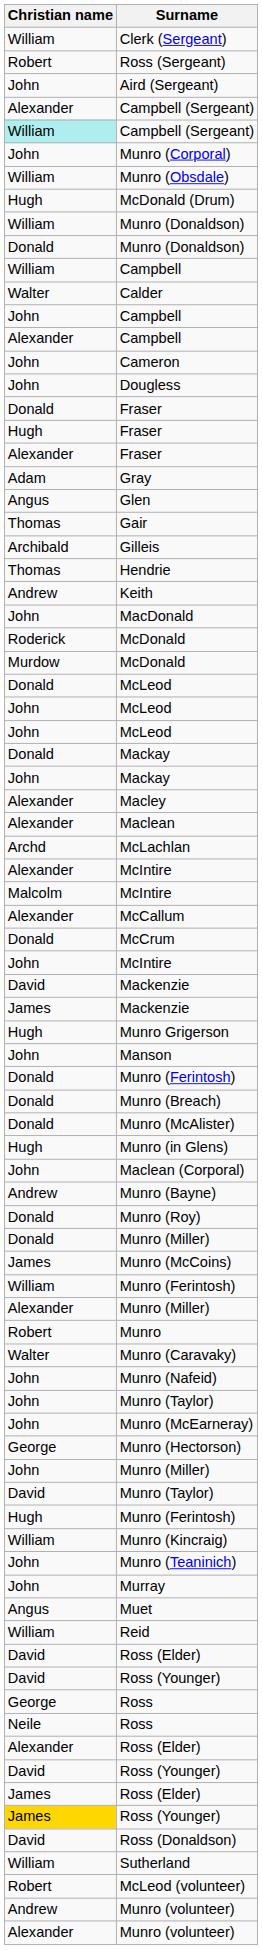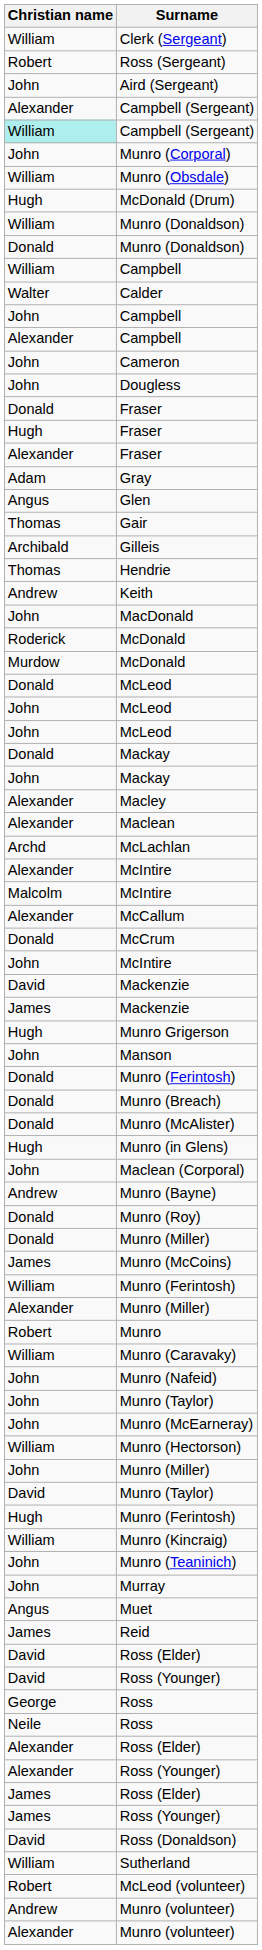 <table class="wikitable collapsible collapsed sortable">
 <tr>
 <th>Christian name</th>
 <th>Surname</th>
 </tr>
 <tr>
 <td>William</td>
 <td>Clerk (<a href='#'>Sergeant</a>)</td>
 </tr>
 <tr>
 <td>Robert</td>
 <td>Ross (Sergeant)</td>
 </tr>
 <tr>
 <td>John</td>
 <td>Aird (Sergeant)</td>
 </tr>
 <tr>
 <td>Alexander</td>
 <td>Campbell (Sergeant)</td>
 </tr>
 <tr>
 <td style="background: paleturquoise;">William</td>
 <td>Campbell (Sergeant)</td>
 </tr>
 <tr>
 <td>John</td>
 <td>Munro (<a href='#'>Corporal</a>)</td>
 </tr>
 <tr>
 <td>William</td>
 <td>Munro (<a href='#'>Obsdale</a>)</td>
 </tr>
 <tr>
 <td>Hugh</td>
 <td>McDonald (Drum)</td>
 </tr>
 <tr>
 <td>William</td>
 <td>Munro (Donaldson)</td>
 </tr>
 <tr>
 <td>Donald</td>
 <td>Munro (Donaldson)</td>
 </tr>
 <tr>
 <td>William</td>
 <td>Campbell</td>
 </tr>
 <tr>
 <td>Walter</td>
 <td>Calder</td>
 </tr>
 <tr>
 <td>John</td>
 <td>Campbell</td>
 </tr>
 <tr>
 <td>Alexander</td>
 <td>Campbell</td>
 </tr>
 <tr>
 <td>John</td>
 <td>Cameron</td>
 </tr>
 <tr>
 <td>John</td>
 <td>Dougless</td>
 </tr>
 <tr>
 <td>Donald</td>
 <td>Fraser</td>
 </tr>
 <tr>
 <td>Hugh</td>
 <td>Fraser</td>
 </tr>
 <tr>
 <td>Alexander</td>
 <td>Fraser</td>
 </tr>
 <tr>
 <td>Adam</td>
 <td>Gray</td>
 </tr>
 <tr>
 <td>Angus</td>
 <td>Glen</td>
 </tr>
 <tr>
 <td>Thomas</td>
 <td>Gair</td>
 </tr>
 <tr>
 <td>Archibald</td>
 <td>Gilleis</td>
 </tr>
 <tr>
 <td>Thomas</td>
 <td>Hendrie</td>
 </tr>
 <tr>
 <td>Andrew</td>
 <td>Keith</td>
 </tr>
 <tr>
 <td>John</td>
 <td>MacDonald</td>
 </tr>
 <tr>
 <td>Roderick</td>
 <td>McDonald</td>
 </tr>
 <tr>
 <td>Murdow</td>
 <td>McDonald</td>
 </tr>
 <tr>
 <td>Donald</td>
 <td>McLeod</td>
 </tr>
 <tr>
 <td>John</td>
 <td>McLeod</td>
 </tr>
 <tr>
 <td>John</td>
 <td>McLeod</td>
 </tr>
 <tr>
 <td>Donald</td>
 <td>Mackay</td>
 </tr>
 <tr>
 <td>John</td>
 <td>Mackay</td>
 </tr>
 <tr>
 <td>Alexander</td>
 <td>Macley</td>
 </tr>
 <tr>
 <td>Alexander</td>
 <td>Maclean</td>
 </tr>
 <tr>
 <td>Archd</td>
 <td>McLachlan</td>
 </tr>
 <tr>
 <td>Alexander</td>
 <td>McIntire</td>
 </tr>
 <tr>
 <td>Malcolm</td>
 <td>McIntire</td>
 </tr>
 <tr>
 <td>Alexander</td>
 <td>McCallum</td>
 </tr>
 <tr>
 <td>Donald</td>
 <td>McCrum</td>
 </tr>
 <tr>
 <td>John</td>
 <td>McIntire</td>
 </tr>
 <tr>
 <td>David</td>
 <td>Mackenzie</td>
 </tr>
 <tr>
 <td>James</td>
 <td>Mackenzie</td>
 </tr>
 <tr>
 <td>Hugh</td>
 <td>Munro Grigerson</td>
 </tr>
 <tr>
 <td>John</td>
 <td>Manson</td>
 </tr>
 <tr>
 <td>Donald</td>
 <td>Munro (<a href='#'>Ferintosh</a>)</td>
 </tr>
 <tr>
 <td>Donald</td>
 <td>Munro (Breach)</td>
 </tr>
 <tr>
 <td>Donald</td>
 <td>Munro (McAlister)</td>
 </tr>
 <tr>
 <td>Hugh</td>
 <td>Munro (in Glens)</td>
 </tr>
 <tr>
 <td>John</td>
 <td>Maclean (Corporal)</td>
 </tr>
 <tr>
 <td>Andrew</td>
 <td>Munro (Bayne)</td>
 </tr>
 <tr>
 <td>Donald</td>
 <td>Munro (Roy)</td>
 </tr>
 <tr>
 <td>Donald</td>
 <td>Munro (Miller)</td>
 </tr>
 <tr>
 <td>James</td>
 <td>Munro (McCoins)</td>
 </tr>
 <tr>
 <td>William</td>
 <td>Munro (Ferintosh)</td>
 </tr>
 <tr>
 <td>Alexander</td>
 <td>Munro (Miller)</td>
 </tr>
 <tr>
 <td>Robert</td>
 <td>Munro</td>
 </tr>
 <tr>
-<td>Walter</td>
+<td>William</td>
 <td>Munro (Caravaky)</td>
 </tr>
 <tr>
 <td>John</td>
 <td>Munro (Nafeid)</td>
 </tr>
 <tr>
 <td>John</td>
 <td>Munro (Taylor)</td>
 </tr>
 <tr>
 <td>John</td>
 <td>Munro (McEarneray)</td>
 </tr>
 <tr>
-<td>George</td>
+<td>William</td>
 <td>Munro (Hectorson)</td>
 </tr>
 <tr>
 <td>John</td>
 <td>Munro (Miller)</td>
 </tr>
 <tr>
 <td>David</td>
 <td>Munro (Taylor)</td>
 </tr>
 <tr>
 <td>Hugh</td>
 <td>Munro (Ferintosh)</td>
 </tr>
 <tr>
 <td>William</td>
 <td>Munro (Kincraig)</td>
 </tr>
 <tr>
 <td>John</td>
 <td>Munro (<a href='#'>Teaninich</a>)</td>
 </tr>
 <tr>
 <td>John</td>
 <td>Murray</td>
 </tr>
 <tr>
 <td>Angus</td>
 <td>Muet</td>
 </tr>
 <tr>
-<td>William</td>
+<td>James</td>
 <td>Reid</td>
 </tr>
 <tr>
 <td>David</td>
 <td>Ross (Elder)</td>
 </tr>
 <tr>
 <td>David</td>
 <td>Ross (Younger)</td>
 </tr>
 <tr>
 <td>George</td>
 <td>Ross</td>
 </tr>
 <tr>
 <td>Neile</td>
 <td>Ross</td>
 </tr>
 <tr>
 <td>Alexander</td>
 <td>Ross (Elder)</td>
 </tr>
 <tr>
-<td>David</td>
+<td>Alexander</td>
 <td>Ross (Younger)</td>
 </tr>
 <tr>
 <td>James</td>
 <td>Ross (Elder)</td>
 </tr>
 <tr>
-<td style="background: gold;">James</td>
+<td>James</td>
 <td>Ross (Younger)</td>
 </tr>
 <tr>
 <td>David</td>
 <td>Ross (Donaldson)</td>
 </tr>
 <tr>
 <td>William</td>
 <td>Sutherland</td>
 </tr>
 <tr>
 <td>Robert</td>
 <td>McLeod (volunteer)</td>
 </tr>
 <tr>
 <td>Andrew</td>
 <td>Munro (volunteer)</td>
 </tr>
 <tr>
 <td>Alexander</td>
 <td>Munro (volunteer)</td>
 </tr>
 </table>
